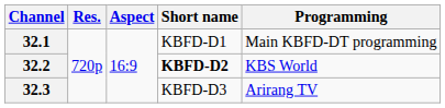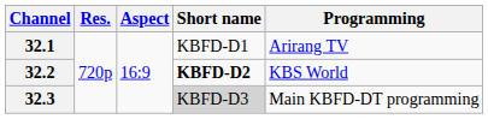 <table class="wikitable">
 <tr>
 <th scope = "col"><a href='#'>Channel</a></th>
 <th scope = "col"><a href='#'>Res.</a></th>
 <th scope = "col"><a href='#'>Aspect</a></th>
 <th scope = "col">Short name</th>
 <th scope = "col">Programming</th>
 </tr>
 <tr>
 <th scope = "row">32.1</th>
 <td rowspan="3"><a href='#'>720p</a></td>
 <td rowspan="3"><a href='#'>16:9</a></td>
 <td>KBFD-D1</td>
-<td>Main KBFD-DT programming</td>
+<td><a href='#'>Arirang TV</a></td>
 </tr>
 <tr>
 <th scope = "row">32.2</th>
 <td><strong>KBFD-D2</strong></td>
 <td><a href='#'>KBS World</a></td>
 </tr>
 <tr>
 <th scope = "row">32.3</th>
-<td>KBFD-D3</td>
-<td><a href='#'>Arirang TV</a></td>
+<td style="background: lightgrey;">KBFD-D3</td>
+<td>Main KBFD-DT programming</td>
 </tr>
 </table>
